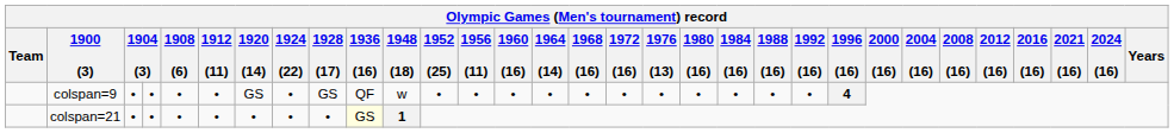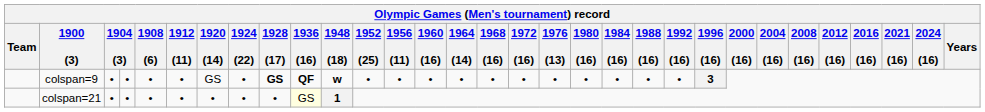 <table class="wikitable" style="text-align:center; font-size:80%;">
 <tr>
 <th colspan=31><a href='#'>Olympic Games</a> (<a href='#'>Men's tournament</a>) record</th>
 </tr>
 <tr>
 <th>Team</th>
 <th><a href='#'>1900</a><br><br>(3)</th>
 <th colspan="2"><a href='#'>1904</a><br><br>(3)</th>
 <th><a href='#'>1908</a><br><br>(6)</th>
 <th><a href='#'>1912</a><br><br>(11)</th>
 <th><a href='#'>1920</a><br><br>(14)</th>
 <th><a href='#'>1924</a><br><br>(22)</th>
 <th><a href='#'>1928</a><br><br>(17)</th>
 <th><a href='#'>1936</a><br><br>(16)</th>
 <th><a href='#'>1948</a><br><br>(18)</th>
 <th><a href='#'>1952</a><br><br>(25)</th>
 <th><a href='#'>1956</a><br><br>(11)</th>
 <th><a href='#'>1960</a><br><br>(16)</th>
 <th><a href='#'>1964</a><br><br>(14)</th>
 <th><a href='#'>1968</a><br><br>(16)</th>
 <th><a href='#'>1972</a><br><br>(16)</th>
 <th><a href='#'>1976</a><br><br>(13)</th>
 <th><a href='#'>1980</a><br><br>(16)</th>
 <th><a href='#'>1984</a><br><br>(16)</th>
 <th><a href='#'>1988</a><br><br>(16)</th>
 <th><a href='#'>1992</a><br><br>(16)</th>
 <th><a href='#'>1996</a><br><br>(16)</th>
 <th><a href='#'>2000</a><br><br>(16)</th>
 <th><a href='#'>2004</a><br><br>(16)</th>
 <th><a href='#'>2008</a><br><br>(16)</th>
 <th><a href='#'>2012</a><br><br>(16)</th>
 <th><a href='#'>2016</a><br><br>(16)</th>
 <th><a href='#'>2021</a><br><br>(16)</th>
 <th><a href='#'>2024</a><br><br>(16)</th>
 <th>Years</th>
 </tr>
 <tr>
 <td align=left></td>
 <td>colspan=9 </td>
 <td>•</td>
 <td>•</td>
 <td>•</td>
 <td>•</td>
 <td>GS</td>
 <td>•</td>
-<td>GS</td>
-<td>QF</td>
-<td>w</td>
+<td><strong>GS</strong></td>
+<td><strong>QF</strong></td>
+<td><strong>w</strong></td>
 <td>•</td>
 <td>•</td>
 <td>•</td>
 <td>•</td>
 <td>•</td>
 <td>•</td>
 <td>•</td>
 <td>•</td>
 <td>•</td>
 <td>•</td>
 <td>•</td>
-<th>4</th>
+<th>3</th>
 </tr>
 <tr>
 <td align=left></td>
 <td>colspan=21 </td>
 <td>•</td>
 <td>•</td>
 <td>•</td>
 <td>•</td>
 <td>•</td>
 <td>•</td>
 <td>•</td>
 <td style="background: lightyellow;">GS</td>
 <th>1</th>
 </tr>
 </table>
